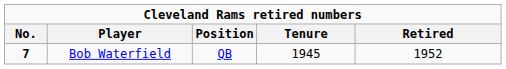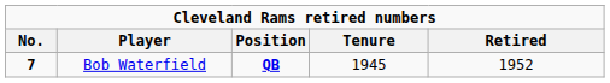 <table class="wikitable sortable" style="text-align:center">
 <tr>
 <td colspan="5"><strong>Cleveland Rams retired numbers</strong></td>
 </tr>
 <tr>
 <th style="width:40px; ">No.</th>
 <th style="width:150px; ">Player</th>
 <th style="width:40px; ">Position</th>
 <th style="width:100px; ">Tenure</th>
 <th style="width:150px; ">Retired</th>
 </tr>
 <tr>
 <td><strong>7</strong></td>
 <td><a href='#'>Bob Waterfield</a></td>
-<td><a href='#'>QB</a></td>
+<td><strong><a href='#'>QB</a></strong></td>
 <td>1945</td>
 <td>1952</td>
 </tr>
 </table>
